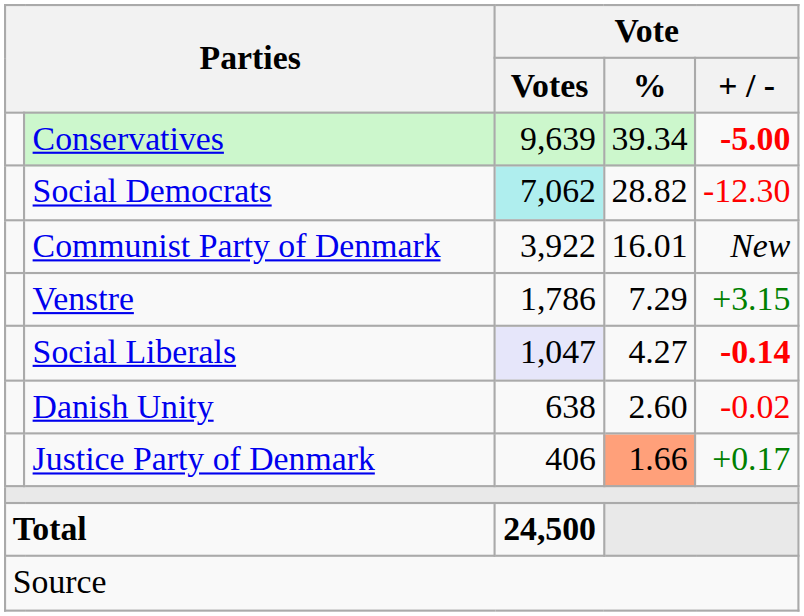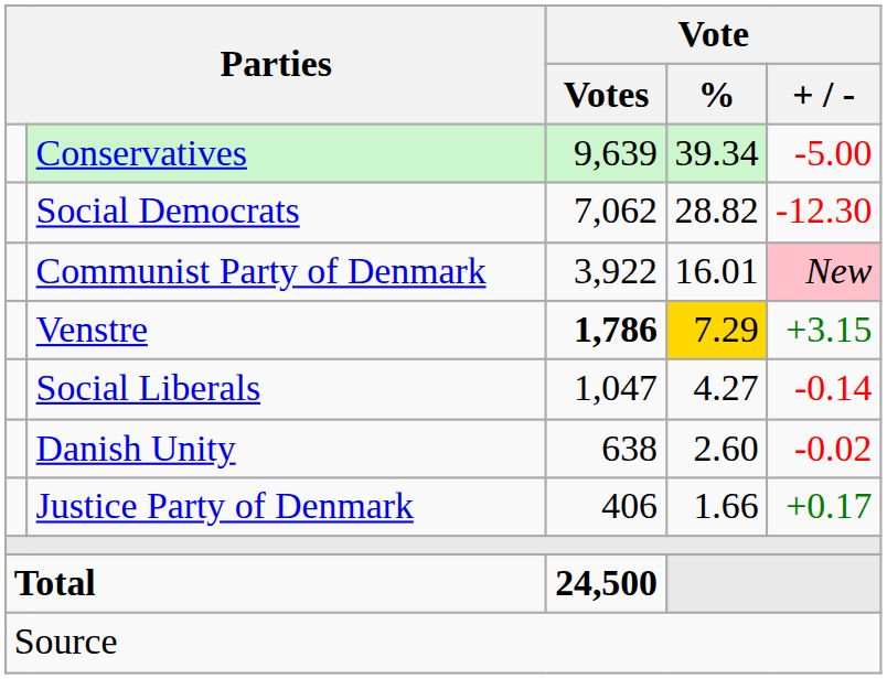 <table class="wikitable" style="text-align:right;">
 <tr>
 <th style="text-align:centre;" rowspan="2" colspan="2" width="225">Parties</th>
 <th colspan="3">Vote</th>
 </tr>
 <tr>
 <th width="15">Votes</th>
 <th width="15">%</th>
 <th width="15">+ / -</th>
 </tr>
 <tr>
 <td width="2" style="color:inherit;background:"></td>
 <td bgcolor=#ccf7cc  align="left"><a href='#'>Conservatives</a></td>
 <td bgcolor=#ccf7cc>9,639</td>
 <td bgcolor=#ccf7cc>39.34</td>
-<td style=color:red;><strong>-5.00</strong></td>
+<td style=color:red;>-5.00</td>
 </tr>
 <tr>
 <td width="2" style="color:inherit;background:"></td>
 <td align="left"><a href='#'>Social Democrats</a></td>
-<td style="background: paleturquoise;">7,062</td>
+<td>7,062</td>
 <td>28.82</td>
 <td style=color:red;>-12.30</td>
 </tr>
 <tr>
 <td width="2" style="color:inherit;background:"></td>
 <td align="left"><a href='#'>Communist Party of Denmark</a></td>
 <td>3,922</td>
 <td>16.01</td>
-<td><em>New</em></td>
+<td style="background: pink;"><em>New</em></td>
 </tr>
 <tr>
 <td width="2" style="color:inherit;background:"></td>
 <td align="left"><a href='#'>Venstre</a></td>
-<td>1,786</td>
-<td>7.29</td>
+<td><strong>1,786</strong></td>
+<td style="background: gold;">7.29</td>
 <td style=color:green;>+3.15</td>
 </tr>
 <tr>
 <td width="2" style="color:inherit;background:"></td>
 <td align="left"><a href='#'>Social Liberals</a></td>
-<td style="background: lavender;">1,047</td>
+<td>1,047</td>
 <td>4.27</td>
-<td style=color:red;><strong>-0.14</strong></td>
+<td style=color:red;>-0.14</td>
 </tr>
 <tr>
 <td width="2" style="color:inherit;background:"></td>
 <td align="left"><a href='#'>Danish Unity</a></td>
 <td>638</td>
 <td>2.60</td>
 <td style=color:red;>-0.02</td>
 </tr>
 <tr>
 <td width="2" style="color:inherit;background:"></td>
 <td align="left"><a href='#'>Justice Party of Denmark</a></td>
 <td>406</td>
-<td style="background: lightsalmon;">1.66</td>
+<td>1.66</td>
 <td style=color:green;>+0.17</td>
 </tr>
 <tr>
 <td colspan="7" bgcolor="#E9E9E9"></td>
 </tr>
 <tr>
 <td align="left" colspan="2"><strong>Total</strong></td>
 <td><strong>24,500</strong></td>
 <td bgcolor="#E9E9E9" colspan="2"></td>
 </tr>
 <tr>
 <td align="left" colspan="6">Source</td>
 </tr>
 </table>
